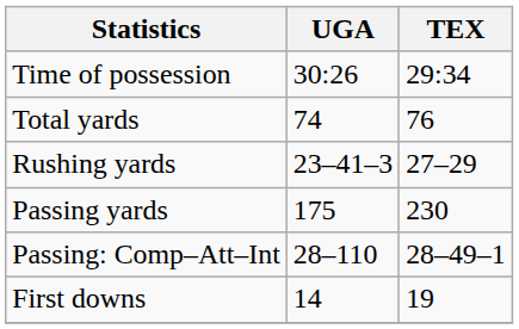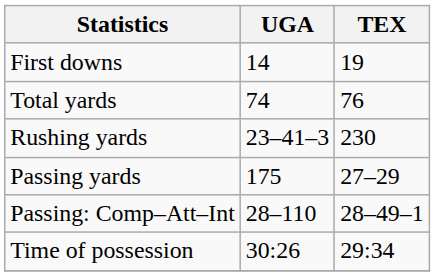 <table class="wikitable" style="float: left;">
 <tr>
 <th>Statistics</th>
 <th>UGA</th>
 <th>TEX</th>
 </tr>
 <tr>
-<td>Time of possession</td>
-<td>30:26</td>
-<td>29:34</td>
+<td>First downs</td>
+<td>14</td>
+<td>19</td>
 </tr>
 <tr>
 <td>Total yards</td>
 <td>74</td>
 <td>76</td>
 </tr>
 <tr>
 <td>Rushing yards</td>
 <td>23–41–3</td>
-<td>27–29</td>
+<td>230</td>
 </tr>
 <tr>
 <td>Passing yards</td>
 <td>175</td>
-<td>230</td>
+<td>27–29</td>
 </tr>
 <tr>
 <td>Passing: Comp–Att–Int</td>
 <td>28–110</td>
 <td>28–49–1</td>
 </tr>
 <tr>
-<td>First downs</td>
-<td>14</td>
-<td>19</td>
+<td>Time of possession</td>
+<td>30:26</td>
+<td>29:34</td>
 </tr>
 <tr>
 </tr>
 </table>
